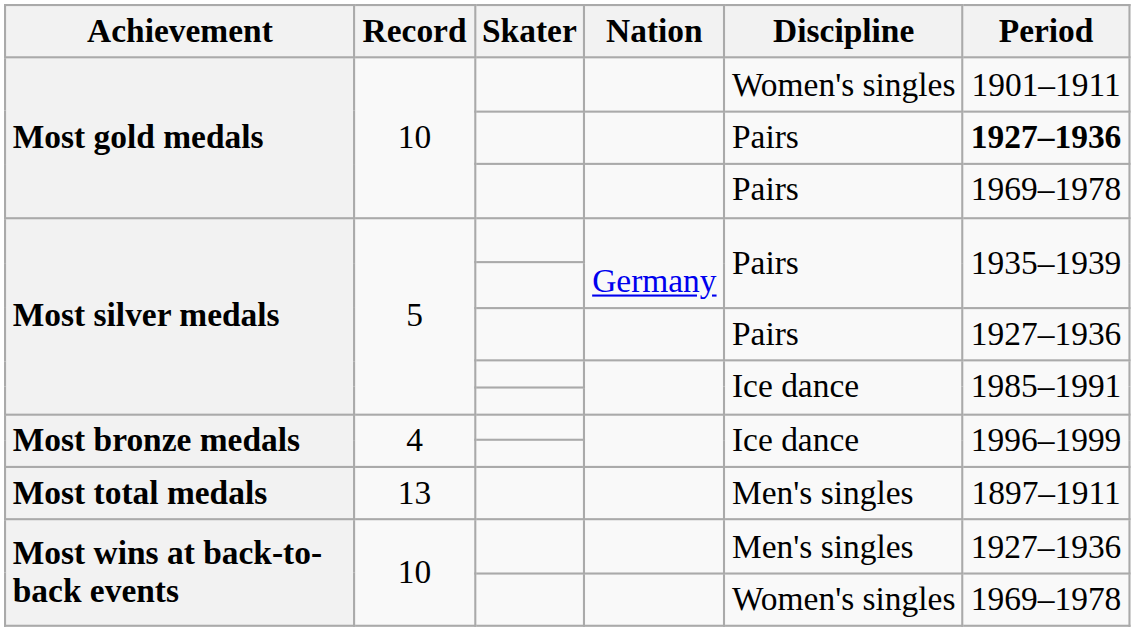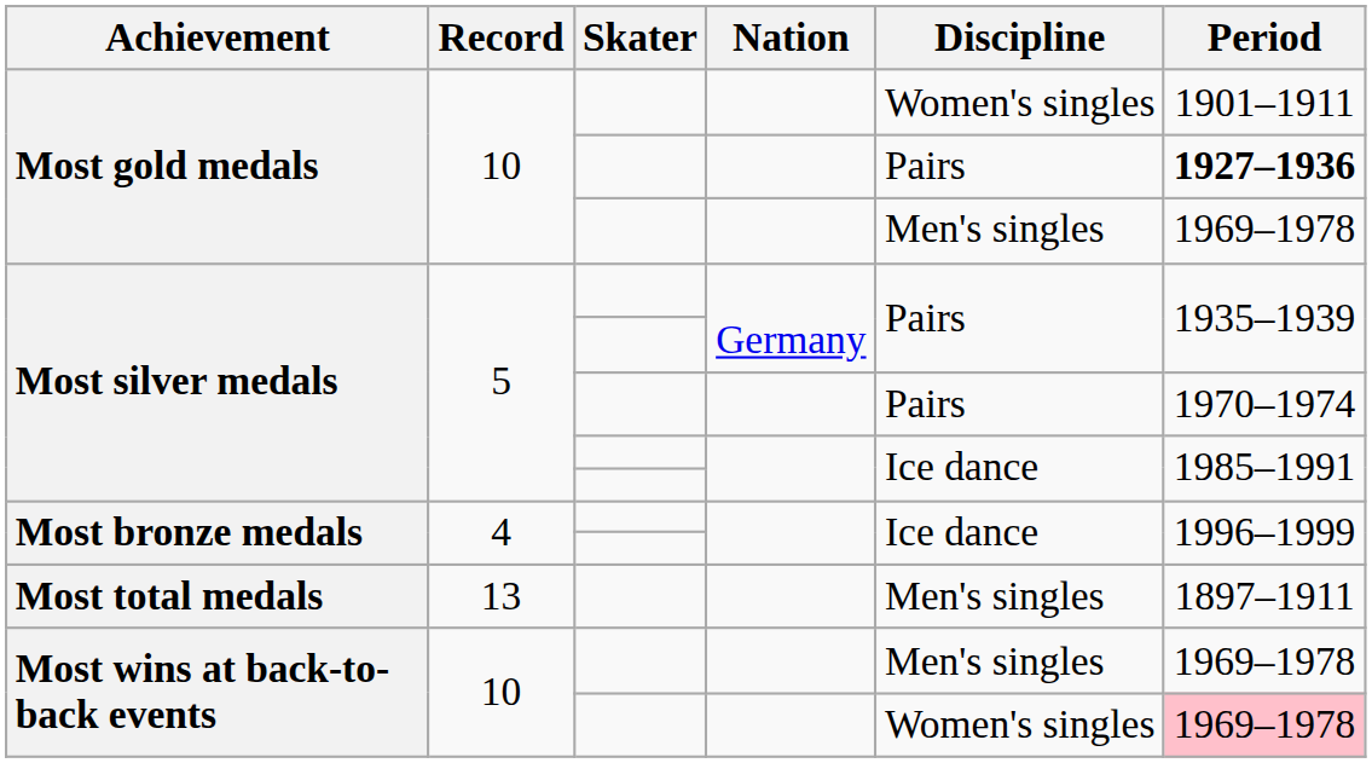 <table class="wikitable unsortable" style="text-align:left">
 <tr>
 <th scope="col" style="width:10em">Achievement</th>
 <th scope="col">Record</th>
 <th scope="col">Skater</th>
 <th scope="col">Nation</th>
 <th scope="col">Discipline</th>
 <th scope="col">Period</th>
 </tr>
 <tr>
 <th scope="row" rowspan="3" style="text-align:left">Most gold medals</th>
 <td rowspan=3 align=center>10</td>
 <td></td>
 <td></td>
 <td>Women's singles</td>
 <td align="center">1901–1911</td>
 </tr>
 <tr>
 <td></td>
 <td></td>
 <td>Pairs</td>
 <td align="center"><strong>1927–1936</strong></td>
 </tr>
 <tr>
 <td></td>
 <td></td>
-<td>Pairs</td>
+<td>Men's singles</td>
 <td align="center">1969–1978</td>
 </tr>
 <tr>
 <th scope="row" rowspan="5" style="text-align:left">Most silver medals</th>
 <td rowspan=5 align=center>5</td>
 <td></td>
 <td rowspan=2><br> <a href='#'>Germany</a></td>
 <td rowspan=2>Pairs</td>
 <td rowspan=2 align="center">1935–1939</td>
 </tr>
 <tr>
 <td></td>
 </tr>
 <tr>
 <td></td>
 <td></td>
 <td>Pairs</td>
-<td align="center">1927–1936</td>
+<td align="center">1970–1974</td>
 </tr>
 <tr>
 <td></td>
 <td rowspan="2"></td>
 <td rowspan="2">Ice dance</td>
 <td rowspan=2 align="center">1985–1991</td>
 </tr>
 <tr>
 <td></td>
 </tr>
 <tr>
 <th scope="row" rowspan="2" style="text-align:left">Most bronze medals</th>
 <td rowspan=2 align=center>4</td>
 <td></td>
 <td rowspan=2></td>
 <td rowspan=2>Ice dance</td>
 <td rowspan=2 align="center">1996–1999</td>
 </tr>
 <tr>
 <td></td>
 </tr>
 <tr>
 <th scope="row" style="text-align:left">Most total medals</th>
 <td align=center>13</td>
 <td></td>
 <td></td>
 <td>Men's singles</td>
 <td align="center">1897–1911</td>
 </tr>
 <tr>
 <th scope="row" rowspan="2" style="text-align:left">Most wins at back-to-back events</th>
 <td rowspan=2 align=center>10</td>
 <td></td>
 <td></td>
 <td>Men's singles</td>
-<td align="center">1927–1936</td>
+<td align="center">1969–1978</td>
 </tr>
 <tr>
 <td></td>
 <td></td>
 <td>Women's singles</td>
-<td align="center">1969–1978</td>
+<td align="center" style="background: pink;">1969–1978</td>
 </tr>
 </table>
